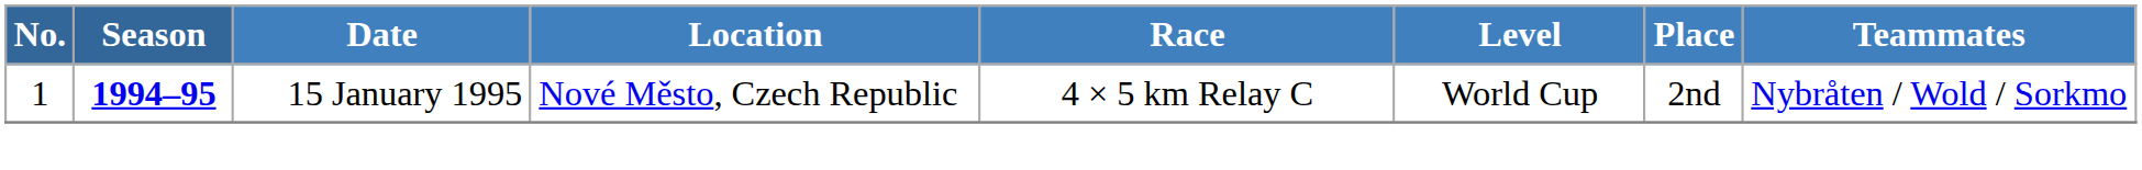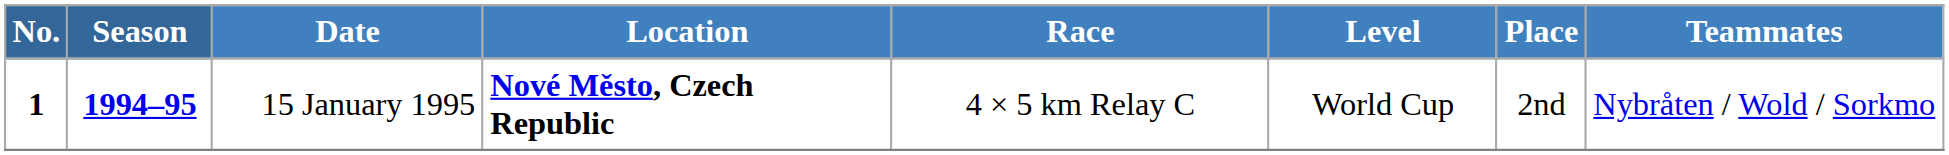 <table class="wikitable sortable" style="font-size:95%; text-align:center; border:grey solid 1px; border-collapse:collapse; background:#ffffff;">
 <tr style="background:#efefef;">
 <th style="background-color:#369; color:white;">No.</th>
 <th style="background-color:#369; color:white;">Season</th>
 <th style="background-color:#4180be; color:white; width:120px;">Date</th>
 <th style="background-color:#4180be; color:white; width:185px;">Location</th>
 <th style="background-color:#4180be; color:white; width:170px;">Race</th>
 <th style="background-color:#4180be; color:white; width:100px;">Level</th>
 <th style="background-color:#4180be; color:white;">Place</th>
 <th style="background-color:#4180be; color:white;">Teammates</th>
 </tr>
 <tr>
-<td align=center>1</td>
+<td align=center><strong>1</strong></td>
 <td rowspan=1 align=center><strong> <a href='#'>1994–95</a> </strong></td>
 <td align=right>15 January 1995</td>
-<td align=left> <a href='#'>Nové Město</a>, Czech Republic</td>
+<td align=left><strong> <a href='#'>Nové Město</a>, Czech Republic</strong></td>
 <td>4 × 5 km Relay C</td>
 <td>World Cup</td>
 <td>2nd</td>
 <td><a href='#'>Nybråten</a> / <a href='#'>Wold</a> / <a href='#'>Sorkmo</a></td>
 </tr>
 <tr>
 </tr>
 </table>
